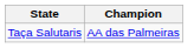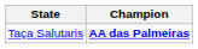 <table class="wikitable">
 <tr>
 <th>State</th>
 <th>Champion</th>
 </tr>
 <tr>
 <td><a href='#'>Taça Salutaris</a></td>
-<td><a href='#'>AA das Palmeiras</a></td>
+<td><strong><a href='#'>AA das Palmeiras</a></strong></td>
 </tr>
 </table>
